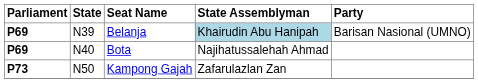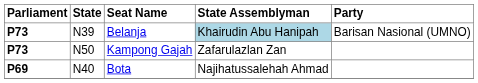 <table class="toccolours sortable" border="1" cellpadding="3" style="border-collapse:collapse; text-align: left;">
 <tr>
 <th align="center">Parliament</th>
 <th>State</th>
 <th>Seat Name</th>
 <th>State Assemblyman</th>
 <th>Party</th>
 </tr>
 <tr>
-<th align="left">P69</th>
+<th align="left">P73</th>
 <td>N39</td>
 <td><a href='#'>Belanja</a></td>
 <td style="background: lightblue;">Khairudin Abu Hanipah</td>
 <td>Barisan Nasional (UMNO)</td>
+</tr>
+<tr>
+<th align="left">P73</th>
+<td>N50</td>
+<td><a href='#'>Kampong Gajah</a></td>
+<td>Zafarulazlan Zan</td>
+<td></td>
 </tr>
 <tr>
 <th align="left">P69</th>
 <td>N40</td>
 <td><a href='#'>Bota</a></td>
 <td>Najihatussalehah Ahmad</td>
 <td></td>
 </tr>
 <tr>
-<th align="left">P73</th>
-<td>N50</td>
-<td><a href='#'>Kampong Gajah</a></td>
-<td>Zafarulazlan Zan</td>
-<td></td>
-</tr>
-<tr>
 </tr>
 </table>
